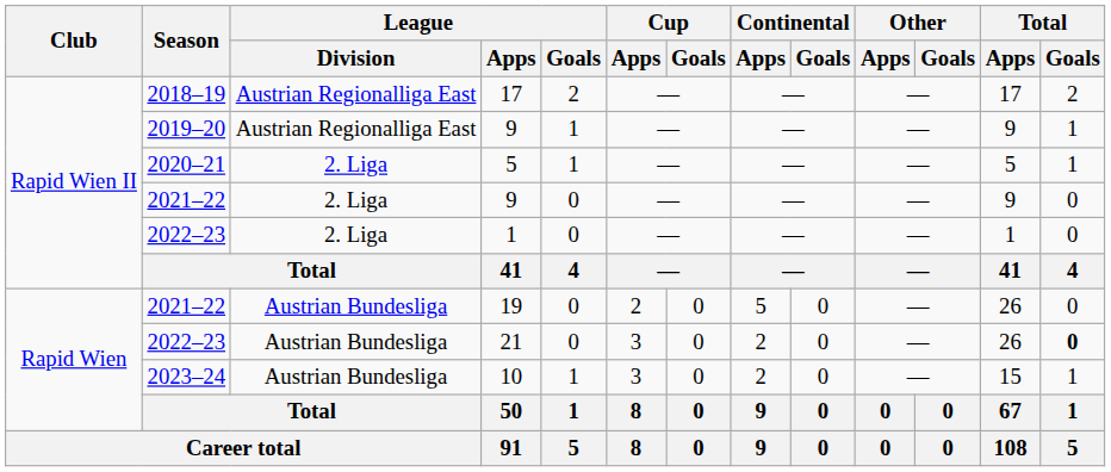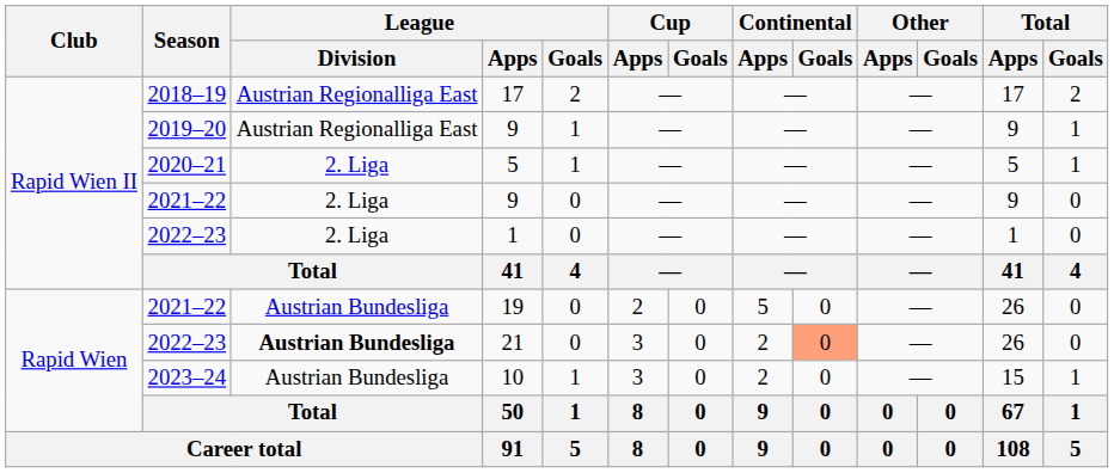 <table class="wikitable" style="text-align:center">
 <tr>
 <th rowspan="2">Club</th>
 <th rowspan="2">Season</th>
 <th colspan="3">League</th>
 <th colspan="2">Cup</th>
 <th colspan="2">Continental</th>
 <th colspan="2">Other</th>
 <th colspan="2">Total</th>
 </tr>
 <tr>
 <th>Division</th>
 <th>Apps</th>
 <th>Goals</th>
 <th>Apps</th>
 <th>Goals</th>
 <th>Apps</th>
 <th>Goals</th>
 <th>Apps</th>
 <th>Goals</th>
 <th>Apps</th>
 <th>Goals</th>
 </tr>
 <tr>
 <td rowspan="6"><a href='#'>Rapid Wien II</a></td>
 <td><a href='#'>2018–19</a></td>
 <td><a href='#'>Austrian Regionalliga East</a></td>
 <td>17</td>
 <td>2</td>
 <td colspan="2">—</td>
 <td colspan="2">—</td>
 <td colspan="2">—</td>
 <td>17</td>
 <td>2</td>
 </tr>
 <tr>
 <td><a href='#'>2019–20</a></td>
 <td>Austrian Regionalliga East</td>
 <td>9</td>
 <td>1</td>
 <td colspan="2">—</td>
 <td colspan="2">—</td>
 <td colspan="2">—</td>
 <td>9</td>
 <td>1</td>
 </tr>
 <tr>
 <td><a href='#'>2020–21</a></td>
 <td><a href='#'>2. Liga</a></td>
 <td>5</td>
 <td>1</td>
 <td colspan="2">—</td>
 <td colspan="2">—</td>
 <td colspan="2">—</td>
 <td>5</td>
 <td>1</td>
 </tr>
 <tr>
 <td><a href='#'>2021–22</a></td>
 <td>2. Liga</td>
 <td>9</td>
 <td>0</td>
 <td colspan="2">—</td>
 <td colspan="2">—</td>
 <td colspan="2">—</td>
 <td>9</td>
 <td>0</td>
 </tr>
 <tr>
 <td><a href='#'>2022–23</a></td>
 <td>2. Liga</td>
 <td>1</td>
 <td>0</td>
 <td colspan="2">—</td>
 <td colspan="2">—</td>
 <td colspan="2">—</td>
 <td>1</td>
 <td>0</td>
 </tr>
 <tr>
 <th colspan="2">Total</th>
 <th>41</th>
 <th>4</th>
 <th colspan="2">—</th>
 <th colspan="2">—</th>
 <th colspan="2">—</th>
 <th>41</th>
 <th>4</th>
 </tr>
 <tr>
 <td rowspan="4"><a href='#'>Rapid Wien</a></td>
 <td><a href='#'>2021–22</a></td>
 <td><a href='#'>Austrian Bundesliga</a></td>
 <td>19</td>
 <td>0</td>
 <td>2</td>
 <td>0</td>
 <td>5</td>
 <td>0</td>
 <td colspan="2">—</td>
 <td>26</td>
 <td>0</td>
 </tr>
 <tr>
 <td><a href='#'>2022–23</a></td>
-<td>Austrian Bundesliga</td>
+<td><strong>Austrian Bundesliga</strong></td>
 <td>21</td>
 <td>0</td>
 <td>3</td>
 <td>0</td>
 <td>2</td>
-<td>0</td>
+<td style="background: lightsalmon;">0</td>
 <td colspan="2">—</td>
 <td>26</td>
-<td><strong>0</strong></td>
+<td>0</td>
 </tr>
 <tr>
 <td><a href='#'>2023–24</a></td>
 <td>Austrian Bundesliga</td>
 <td>10</td>
 <td>1</td>
 <td>3</td>
 <td>0</td>
 <td>2</td>
 <td>0</td>
 <td colspan="2">—</td>
 <td>15</td>
 <td>1</td>
 </tr>
 <tr>
 <th colspan="2">Total</th>
 <th>50</th>
 <th>1</th>
 <th>8</th>
 <th>0</th>
 <th>9</th>
 <th>0</th>
 <th>0</th>
 <th>0</th>
 <th>67</th>
 <th>1</th>
 </tr>
 <tr>
 <th colspan="3">Career total</th>
 <th>91</th>
 <th>5</th>
 <th>8</th>
 <th>0</th>
 <th>9</th>
 <th>0</th>
 <th>0</th>
 <th>0</th>
 <th>108</th>
 <th>5</th>
 </tr>
 </table>
